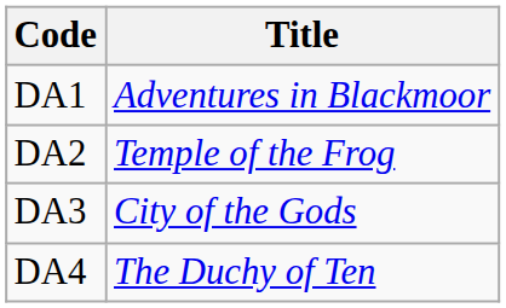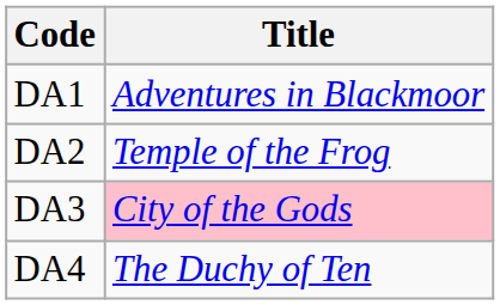 <table class="wikitable" style="float: right">
 <tr>
 <th>Code</th>
 <th>Title</th>
 </tr>
 <tr>
 <td>DA1</td>
 <td><em><a href='#'>Adventures in Blackmoor</a></em></td>
 </tr>
 <tr>
 <td>DA2</td>
 <td><em><a href='#'>Temple of the Frog</a></em></td>
 </tr>
 <tr>
 <td>DA3</td>
-<td><em><a href='#'>City of the Gods</a></em></td>
+<td style="background: pink;"><em><a href='#'>City of the Gods</a></em></td>
 </tr>
 <tr>
 <td>DA4</td>
 <td><em><a href='#'>The Duchy of Ten</a></em></td>
 </tr>
 </table>
